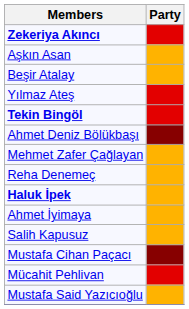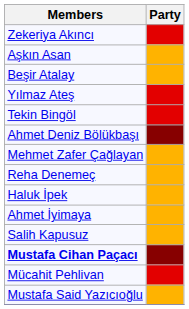 <table class=wikitable style="border:1px solid #8888aa; background-color:#f7f8ff; padding:0px; font-size:90%;">
 <tr>
 <th>Members</th>
 <th colspan="2">Party</th>
 </tr>
 <tr>
-<td><strong><a href='#'>Zekeriya Akıncı</a></strong></td>
+<td><a href='#'>Zekeriya Akıncı</a></td>
 <td style="background: #e30000"></td>
 </tr>
 <tr>
 <td><a href='#'>Aşkın Asan</a></td>
 <td style="background: #ffb300"></td>
 </tr>
 <tr>
 <td><a href='#'>Beşir Atalay</a></td>
 <td style="background: #ffb300"></td>
 </tr>
 <tr>
 <td><a href='#'>Yılmaz Ateş</a></td>
 <td style="background: #e30000"></td>
 </tr>
 <tr>
-<td><strong><a href='#'>Tekin Bingöl</a></strong></td>
+<td><a href='#'>Tekin Bingöl</a></td>
 <td style="background: #e30000"></td>
 </tr>
 <tr>
 <td><a href='#'>Ahmet Deniz Bölükbaşı</a></td>
 <td style="background: #870000"></td>
 </tr>
 <tr>
 <td><a href='#'>Mehmet Zafer Çağlayan</a></td>
 <td style="background: #ffb300"></td>
 </tr>
 <tr>
 <td><a href='#'>Reha Denemeç</a></td>
 <td style="background: #ffb300"></td>
 </tr>
 <tr>
-<td><strong><a href='#'>Haluk İpek</a></strong></td>
+<td><a href='#'>Haluk İpek</a></td>
 <td style="background: #ffb300"></td>
 </tr>
 <tr>
 <td><a href='#'>Ahmet İyimaya</a></td>
 <td style="background: #ffb300"></td>
 </tr>
 <tr>
 <td><a href='#'>Salih Kapusuz</a></td>
 <td style="background: #ffb300"></td>
 </tr>
 <tr>
-<td><a href='#'>Mustafa Cihan Paçacı</a></td>
+<td><strong><a href='#'>Mustafa Cihan Paçacı</a></strong></td>
 <td style="background: #870000"></td>
 </tr>
 <tr>
 <td><a href='#'>Mücahit Pehlivan</a></td>
 <td style="background: #e30000"></td>
 </tr>
 <tr>
 <td><a href='#'>Mustafa Said Yazıcıoğlu</a></td>
 <td style="background: #ffb300"></td>
 </tr>
 <tr>
 </tr>
 </table>
